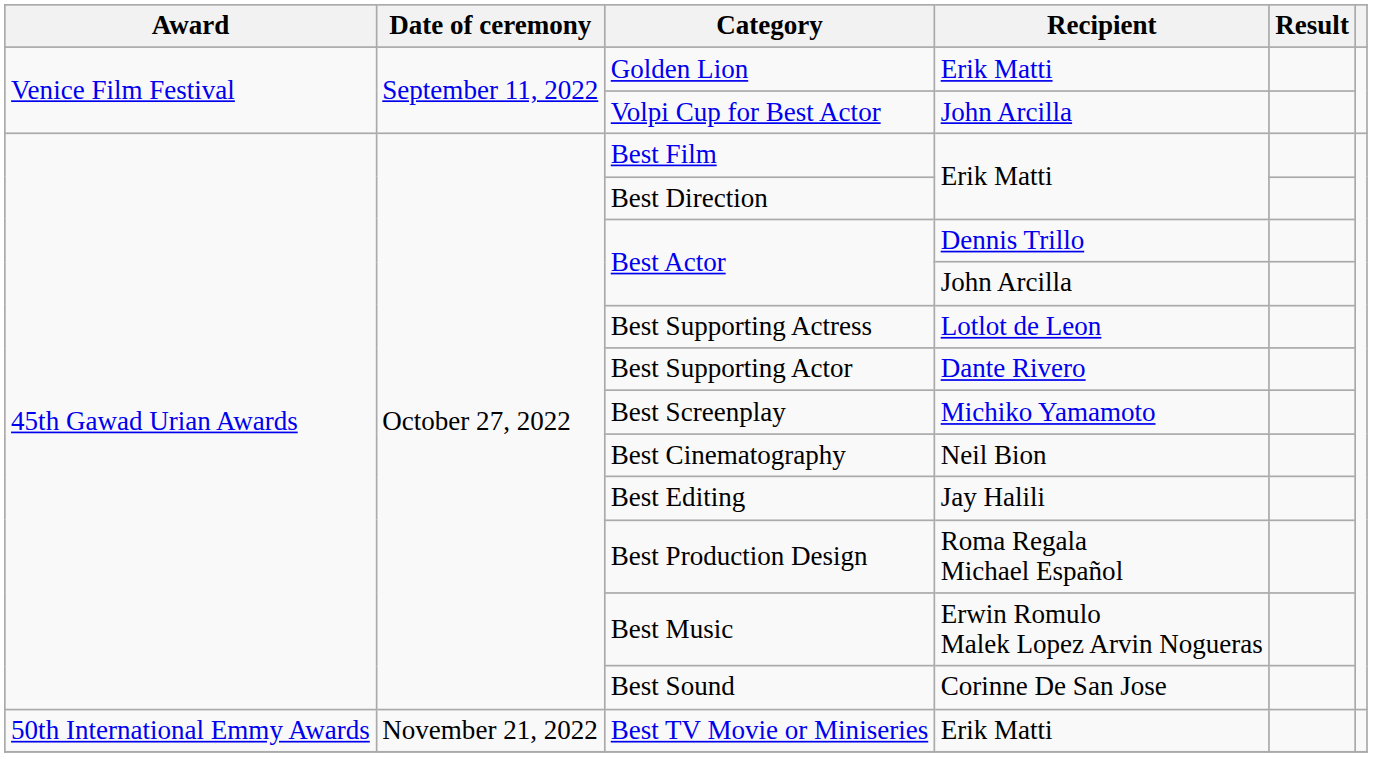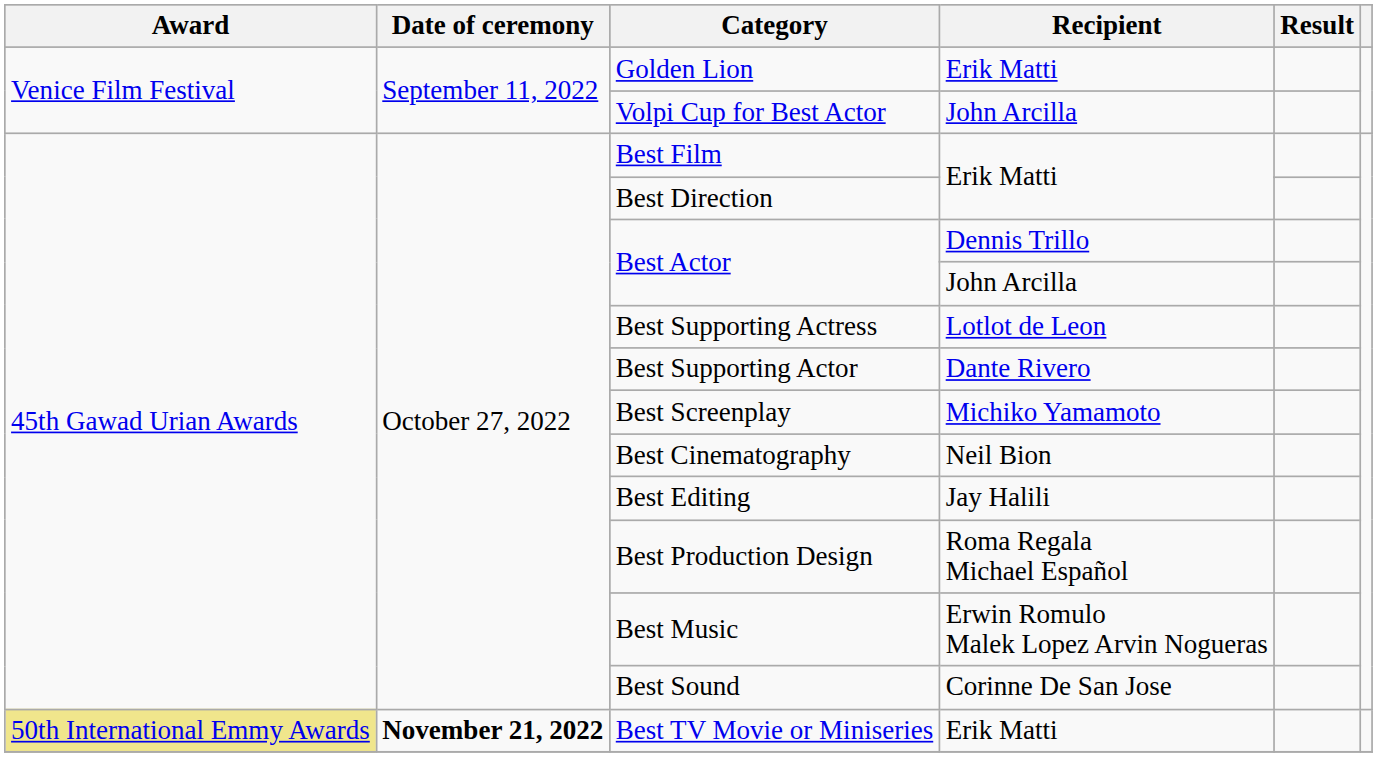 <table class="wikitable">
 <tr>
 <th>Award</th>
 <th>Date of ceremony</th>
 <th>Category</th>
 <th>Recipient</th>
 <th>Result</th>
 <th></th>
 </tr>
 <tr>
 <td rowspan="2"><a href='#'>Venice Film Festival</a></td>
 <td rowspan="2"><a href='#'>September 11, 2022</a></td>
 <td><a href='#'>Golden Lion</a></td>
 <td><a href='#'>Erik Matti</a></td>
 <td></td>
 <td rowspan="2"></td>
 </tr>
 <tr>
 <td><a href='#'>Volpi Cup for Best Actor</a></td>
 <td><a href='#'>John Arcilla</a></td>
 <td></td>
 </tr>
 <tr>
 <td rowspan="12"><a href='#'>45th Gawad Urian Awards</a></td>
 <td rowspan="12">October 27, 2022</td>
 <td><a href='#'>Best Film</a></td>
 <td rowspan="2">Erik Matti</td>
 <td></td>
 <td rowspan="12"></td>
 </tr>
 <tr>
 <td>Best Direction</td>
 <td></td>
 </tr>
 <tr>
 <td rowspan="2"><a href='#'>Best Actor</a></td>
 <td><a href='#'>Dennis Trillo</a></td>
 <td></td>
 </tr>
 <tr>
 <td>John Arcilla</td>
 <td></td>
 </tr>
 <tr>
 <td>Best Supporting Actress</td>
 <td><a href='#'>Lotlot de Leon</a></td>
 <td></td>
 </tr>
 <tr>
 <td>Best Supporting Actor</td>
 <td><a href='#'>Dante Rivero</a></td>
 <td></td>
 </tr>
 <tr>
 <td>Best Screenplay</td>
 <td><a href='#'>Michiko Yamamoto</a></td>
 <td></td>
 </tr>
 <tr>
 <td>Best Cinematography</td>
 <td>Neil Bion</td>
 <td></td>
 </tr>
 <tr>
 <td>Best Editing</td>
 <td>Jay Halili</td>
 <td></td>
 </tr>
 <tr>
 <td>Best Production Design</td>
 <td>Roma Regala<br>Michael Español</td>
 <td></td>
 </tr>
 <tr>
 <td>Best Music</td>
 <td>Erwin Romulo<br>Malek Lopez Arvin Nogueras</td>
 <td></td>
 </tr>
 <tr>
 <td>Best Sound</td>
 <td>Corinne De San Jose</td>
 <td></td>
 </tr>
 <tr>
-<td><a href='#'>50th International Emmy Awards</a></td>
-<td>November 21, 2022</td>
+<td style="background: khaki;"><a href='#'>50th International Emmy Awards</a></td>
+<td><strong>November 21, 2022</strong></td>
 <td><a href='#'>Best TV Movie or Miniseries</a></td>
 <td>Erik Matti</td>
 <td></td>
 <td></td>
 </tr>
 <tr>
 </tr>
 </table>
